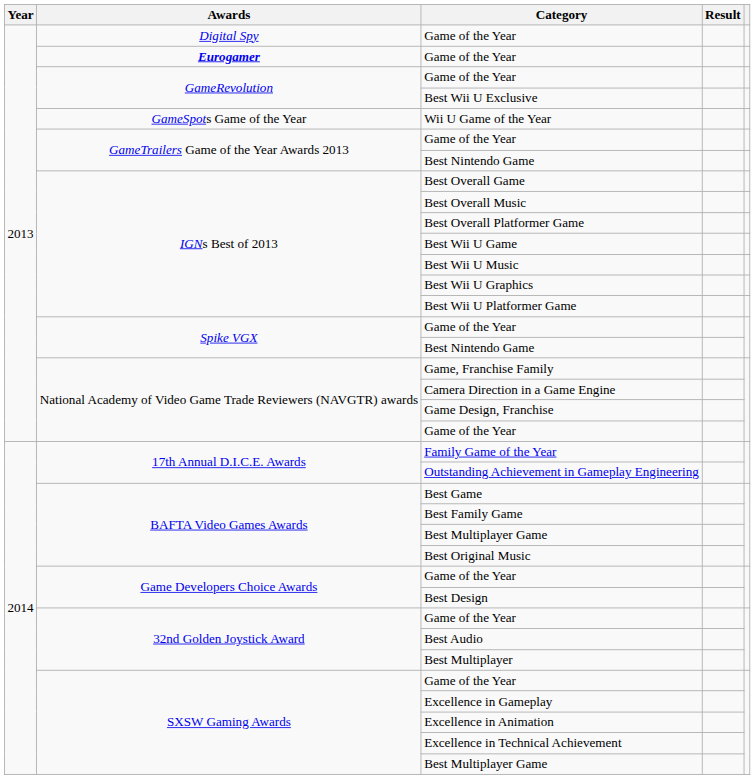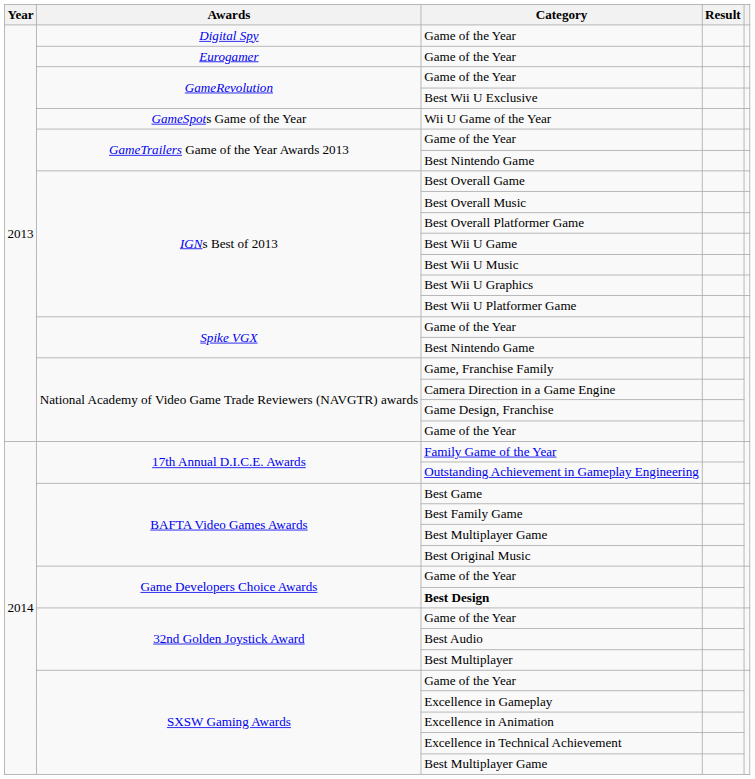 <table class="wikitable sortable">
 <tr>
 <th>Year</th>
 <th>Awards</th>
 <th>Category</th>
 <th>Result</th>
 <th></th>
 </tr>
 <tr>
 <td rowspan="20" style="text-align:center;">2013</td>
 <td align=center><em><a href='#'>Digital Spy</a></em></td>
 <td>Game of the Year</td>
 <td></td>
 <td align=center></td>
 </tr>
 <tr>
-<td align=center><strong><em><a href='#'>Eurogamer</a></em></strong></td>
+<td align=center><em><a href='#'>Eurogamer</a></em></td>
 <td>Game of the Year</td>
 <td></td>
 <td align=center></td>
 </tr>
 <tr>
 <td rowspan="2" style="text-align:center;"><em><a href='#'>GameRevolution</a></em></td>
 <td>Game of the Year</td>
 <td></td>
 <td align=center></td>
 </tr>
 <tr>
 <td>Best Wii U Exclusive</td>
 <td></td>
 <td align=center></td>
 </tr>
 <tr>
 <td align=center><em><a href='#'>GameSpot</a></em>s Game of the Year</td>
 <td>Wii U Game of the Year</td>
 <td></td>
 <td align=center></td>
 </tr>
 <tr>
 <td rowspan="2" style="text-align:center;"><em><a href='#'>GameTrailers</a></em> Game of the Year Awards 2013</td>
 <td>Game of the Year</td>
 <td></td>
 <td style="text-align:center;"></td>
 </tr>
 <tr>
 <td>Best Nintendo Game</td>
 <td></td>
 <td style="text-align:center;"></td>
 </tr>
 <tr>
 <td rowspan="7" style="text-align:center;"><em><a href='#'>IGN</a></em>s Best of 2013</td>
 <td>Best Overall Game</td>
 <td></td>
 <td align=center></td>
 </tr>
 <tr>
 <td>Best Overall Music</td>
 <td></td>
 <td align=center></td>
 </tr>
 <tr>
 <td>Best Overall Platformer Game</td>
 <td></td>
 <td align=center></td>
 </tr>
 <tr>
 <td>Best Wii U Game</td>
 <td></td>
 <td align=center></td>
 </tr>
 <tr>
 <td>Best Wii U Music</td>
 <td></td>
 <td align=center></td>
 </tr>
 <tr>
 <td>Best Wii U Graphics</td>
 <td></td>
 <td align=center></td>
 </tr>
 <tr>
 <td>Best Wii U Platformer Game</td>
 <td></td>
 <td align=center></td>
 </tr>
 <tr>
 <td rowspan="2" style="text-align:center;"><em><a href='#'>Spike VGX</a></em></td>
 <td>Game of the Year</td>
 <td></td>
 <td rowspan="2" style="text-align:center;"></td>
 </tr>
 <tr>
 <td>Best Nintendo Game</td>
 <td></td>
 </tr>
 <tr>
 <td style="text-align:center;" rowspan="4">National Academy of Video Game Trade Reviewers (NAVGTR) awards</td>
 <td>Game, Franchise Family</td>
 <td></td>
 <td style="text-align:center;" rowspan="4"></td>
 </tr>
 <tr>
 <td>Camera Direction in a Game Engine</td>
 <td></td>
 </tr>
 <tr>
 <td>Game Design, Franchise</td>
 <td></td>
 </tr>
 <tr>
 <td>Game of the Year</td>
 <td></td>
 </tr>
 <tr>
 <td rowspan="16" style="text-align:center;">2014</td>
 <td rowspan="2" style="text-align:center;"><a href='#'>17th Annual D.I.C.E. Awards</a></td>
 <td><a href='#'>Family Game of the Year</a></td>
 <td></td>
 <td rowspan="2" style="text-align:center;"></td>
 </tr>
 <tr>
 <td><a href='#'>Outstanding Achievement in Gameplay Engineering</a></td>
 <td></td>
 </tr>
 <tr>
 <td rowspan="4" style="text-align:center;"><a href='#'>BAFTA Video Games Awards</a></td>
 <td>Best Game</td>
 <td></td>
 <td rowspan="4" style="text-align:center;"></td>
 </tr>
 <tr>
 <td>Best Family Game</td>
 <td></td>
 </tr>
 <tr>
 <td>Best Multiplayer Game</td>
 <td></td>
 </tr>
 <tr>
 <td>Best Original Music</td>
 <td></td>
 </tr>
 <tr>
 <td rowspan="2" style="text-align:center;"><a href='#'>Game Developers Choice Awards</a></td>
 <td>Game of the Year</td>
 <td></td>
 <td rowspan="2" style="text-align:center;"></td>
 </tr>
 <tr>
-<td>Best Design</td>
+<td><strong>Best Design</strong></td>
 <td></td>
 </tr>
 <tr>
 <td rowspan="3" style="text-align:center;"><a href='#'>32nd Golden Joystick Award</a></td>
 <td>Game of the Year</td>
 <td></td>
 <td rowspan="3" style="text-align:center;"></td>
 </tr>
 <tr>
 <td>Best Audio</td>
 <td></td>
 </tr>
 <tr>
 <td>Best Multiplayer</td>
 <td></td>
 </tr>
 <tr>
 <td rowspan="5" style="text-align:center;"><a href='#'>SXSW Gaming Awards</a></td>
 <td>Game of the Year</td>
 <td></td>
 <td rowspan="5" style="text-align:center;"></td>
 </tr>
 <tr>
 <td>Excellence in Gameplay</td>
 <td></td>
 </tr>
 <tr>
 <td>Excellence in Animation</td>
 <td></td>
 </tr>
 <tr>
 <td>Excellence in Technical Achievement</td>
 <td></td>
 </tr>
 <tr>
 <td>Best Multiplayer Game</td>
 <td></td>
 </tr>
 </table>
